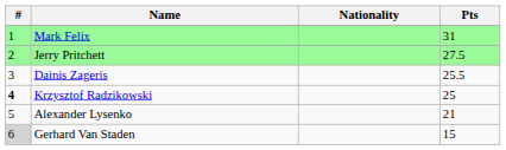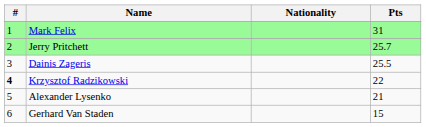 <table class="wikitable" style="display: inline-table; width: 50%;">
 <tr>
 <th>#</th>
 <th>Name</th>
 <th>Nationality</th>
 <th>Pts</th>
 </tr>
 <tr>
 </tr>
 <tr style="background:palegreen">
 <td>1</td>
 <td><a href='#'>Mark Felix</a></td>
 <td></td>
 <td>31</td>
 </tr>
 <tr>
 </tr>
 <tr style="background:palegreen">
 <td>2</td>
 <td>Jerry Pritchett</td>
 <td></td>
-<td>27.5</td>
+<td>25.7</td>
 </tr>
 <tr>
 <td>3</td>
 <td><a href='#'>Dainis Zageris</a></td>
 <td></td>
 <td>25.5</td>
 </tr>
 <tr>
 <td><strong>4</strong></td>
 <td><a href='#'>Krzysztof Radzikowski</a></td>
 <td></td>
-<td>25</td>
+<td>22</td>
 </tr>
 <tr>
 <td>5</td>
 <td>Alexander Lysenko</td>
 <td></td>
 <td>21</td>
 </tr>
 <tr>
-<td style="background: lightgrey;">6</td>
+<td>6</td>
 <td>Gerhard Van Staden</td>
 <td></td>
 <td>15</td>
 </tr>
 </table>
